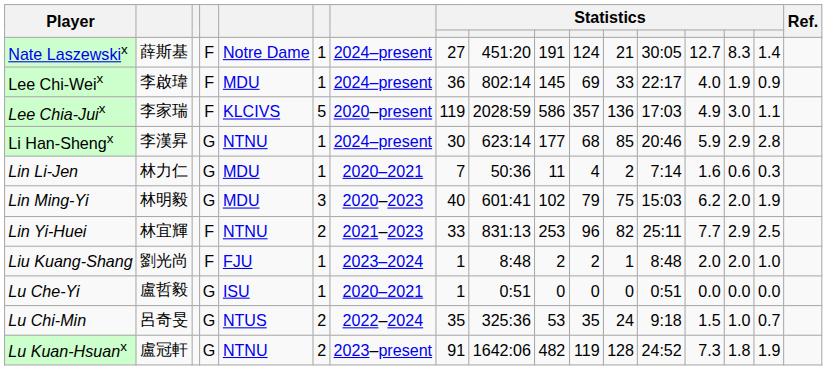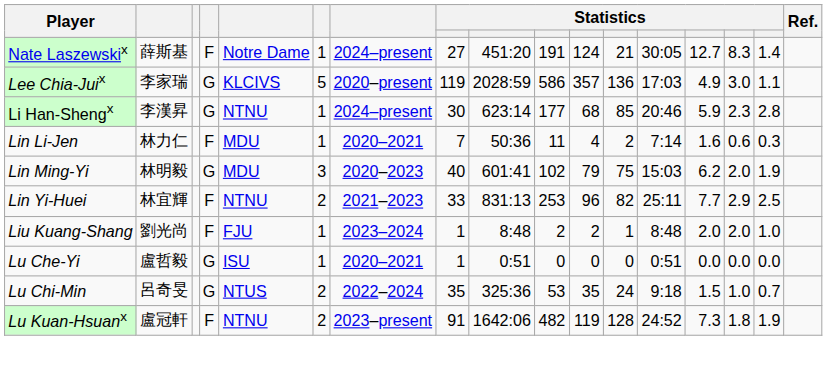 <table class="wikitable sortable" style="font-size:95%; text-align:right;">
 <tr>
 <th rowspan="2">Player</th>
 <th rowspan="2"></th>
 <th rowspan="2"></th>
 <th rowspan="2"></th>
 <th rowspan="2"></th>
 <th rowspan="2"></th>
 <th rowspan="2"></th>
 <th colspan="9">Statistics</th>
 <th rowspan="2">Ref.</th>
 </tr>
 <tr>
 <th></th>
 <th></th>
 <th></th>
 <th></th>
 <th></th>
 <th></th>
 <th></th>
 <th></th>
 <th></th>
 </tr>
 <tr>
 <td align="left" bgcolor="#CCFFCC"><a href='#'>Nate Laszewski</a><sup>x</sup></td>
 <td align="left">薛斯基</td>
 <td align="center"></td>
 <td align="center">F</td>
 <td align="left"><a href='#'>Notre Dame</a></td>
 <td align="center">1</td>
 <td align="center"><a href='#'>2024–present</a></td>
 <td>27</td>
 <td>451:20</td>
 <td>191</td>
 <td>124</td>
 <td>21</td>
 <td>30:05</td>
 <td>12.7</td>
 <td>8.3</td>
 <td>1.4</td>
 <td align="center"></td>
 </tr>
 <tr>
-<td align="left" bgcolor="#CCFFCC">Lee Chi-Wei<sup>x</sup></td>
-<td align="left">李啟瑋</td>
-<td align="center"></td>
-<td align="center">F</td>
-<td align="left"><a href='#'>MDU</a></td>
-<td align="center">1</td>
-<td align="center"><a href='#'>2024–present</a></td>
-<td>36</td>
-<td>802:14</td>
-<td>145</td>
-<td>69</td>
-<td>33</td>
-<td>22:17</td>
-<td>4.0</td>
-<td>1.9</td>
-<td>0.9</td>
-<td align="center"></td>
-</tr>
-<tr>
 <td align="left" bgcolor="#CCFFCC"><em>Lee Chia-Jui</em><sup>x</sup></td>
 <td align="left">李家瑞</td>
 <td align="center"></td>
-<td align="center">F</td>
+<td align="center">G</td>
 <td align="left"><a href='#'>KLCIVS</a></td>
 <td align="center">5</td>
 <td align="center"><a href='#'>2020</a>–<a href='#'>present</a></td>
 <td>119</td>
 <td>2028:59</td>
 <td>586</td>
 <td>357</td>
 <td>136</td>
 <td>17:03</td>
 <td>4.9</td>
 <td>3.0</td>
 <td>1.1</td>
 <td align="center"></td>
 </tr>
 <tr>
 <td align="left" bgcolor="#CCFFCC">Li Han-Sheng<sup>x</sup></td>
 <td align="left">李漢昇</td>
 <td align="center"></td>
 <td align="center">G</td>
 <td align="left"><a href='#'>NTNU</a></td>
 <td align="center">1</td>
 <td align="center"><a href='#'>2024–present</a></td>
 <td>30</td>
 <td>623:14</td>
 <td>177</td>
 <td>68</td>
 <td>85</td>
 <td>20:46</td>
 <td>5.9</td>
-<td>2.9</td>
+<td>2.3</td>
 <td>2.8</td>
 <td align="center"></td>
 </tr>
 <tr>
 <td align="left"><em>Lin Li-Jen</em></td>
 <td align="left">林力仁</td>
 <td align="center"></td>
-<td align="center">G</td>
+<td align="center">F</td>
 <td align="left"><a href='#'>MDU</a></td>
 <td align="center">1</td>
 <td align="center"><a href='#'>2020–2021</a></td>
 <td>7</td>
 <td>50:36</td>
 <td>11</td>
 <td>4</td>
 <td>2</td>
 <td>7:14</td>
 <td>1.6</td>
 <td>0.6</td>
 <td>0.3</td>
 <td align="center"></td>
 </tr>
 <tr>
 <td align="left"><em>Lin Ming-Yi</em></td>
 <td align="left">林明毅</td>
 <td align="center"></td>
 <td align="center">G</td>
 <td align="left"><a href='#'>MDU</a></td>
 <td align="center">3</td>
 <td align="center"><a href='#'>2020</a>–<a href='#'>2023</a></td>
 <td>40</td>
 <td>601:41</td>
 <td>102</td>
 <td>79</td>
 <td>75</td>
 <td>15:03</td>
 <td>6.2</td>
 <td>2.0</td>
 <td>1.9</td>
 <td align="center"></td>
 </tr>
 <tr>
 <td align="left"><em>Lin Yi-Huei</em></td>
 <td align="left">林宜輝</td>
 <td align="center"></td>
 <td align="center">F</td>
 <td align="left"><a href='#'>NTNU</a></td>
 <td align="center">2</td>
 <td align="center"><a href='#'>2021</a>–<a href='#'>2023</a></td>
 <td>33</td>
 <td>831:13</td>
 <td>253</td>
 <td>96</td>
 <td>82</td>
 <td>25:11</td>
 <td>7.7</td>
 <td>2.9</td>
 <td>2.5</td>
 <td align="center"></td>
 </tr>
 <tr>
 <td align="left"><em>Liu Kuang-Shang</em></td>
 <td align="left">劉光尚</td>
 <td align="center"></td>
 <td align="center">F</td>
 <td align="left"><a href='#'>FJU</a></td>
 <td align="center">1</td>
 <td align="center"><a href='#'>2023–2024</a></td>
 <td>1</td>
 <td>8:48</td>
 <td>2</td>
 <td>2</td>
 <td>1</td>
 <td>8:48</td>
 <td>2.0</td>
 <td>2.0</td>
 <td>1.0</td>
 <td align="center"></td>
 </tr>
 <tr>
 <td align="left"><em>Lu Che-Yi</em></td>
 <td align="left">盧哲毅</td>
 <td align="center"></td>
 <td align="center">G</td>
 <td align="left"><a href='#'>ISU</a></td>
 <td align="center">1</td>
 <td align="center"><a href='#'>2020–2021</a></td>
 <td>1</td>
 <td>0:51</td>
 <td>0</td>
 <td>0</td>
 <td>0</td>
 <td>0:51</td>
 <td>0.0</td>
 <td>0.0</td>
 <td>0.0</td>
 <td align="center"></td>
 </tr>
 <tr>
 <td align="left"><em>Lu Chi-Min</em></td>
 <td align="left">呂奇旻</td>
 <td align="center"></td>
 <td align="center">G</td>
 <td align="left"><a href='#'>NTUS</a></td>
 <td align="center">2</td>
 <td align="center"><a href='#'>2022</a>–<a href='#'>2024</a></td>
 <td>35</td>
 <td>325:36</td>
 <td>53</td>
 <td>35</td>
 <td>24</td>
 <td>9:18</td>
 <td>1.5</td>
 <td>1.0</td>
 <td>0.7</td>
 <td align="center"></td>
 </tr>
 <tr>
 <td align="left" bgcolor="#CCFFCC"><em>Lu Kuan-Hsuan</em><sup>x</sup></td>
 <td align="left">盧冠軒</td>
 <td align="center"></td>
-<td align="center">G</td>
+<td align="center">F</td>
 <td align="left"><a href='#'>NTNU</a></td>
 <td align="center">2</td>
 <td align="center"><a href='#'>2023</a>–<a href='#'>present</a></td>
 <td>91</td>
 <td>1642:06</td>
 <td>482</td>
 <td>119</td>
 <td>128</td>
 <td>24:52</td>
 <td>7.3</td>
 <td>1.8</td>
 <td>1.9</td>
 <td align="center"></td>
 </tr>
 </table>
